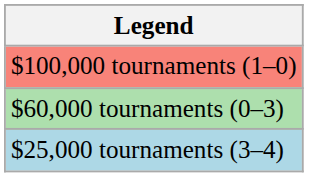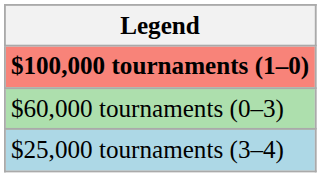 <table class="wikitable" style="font-size:85%">
 <tr>
 <th>Legend</th>
 </tr>
 <tr bgcolor="#F88379">
-<td>$100,000 tournaments (1–0)</td>
+<td><strong>$100,000 tournaments (1–0)</strong></td>
 </tr>
 <tr bgcolor="#ADDFAD">
 <td>$60,000 tournaments (0–3)</td>
 </tr>
 <tr bgcolor="lightblue">
 <td>$25,000 tournaments (3–4)</td>
 </tr>
 </table>
